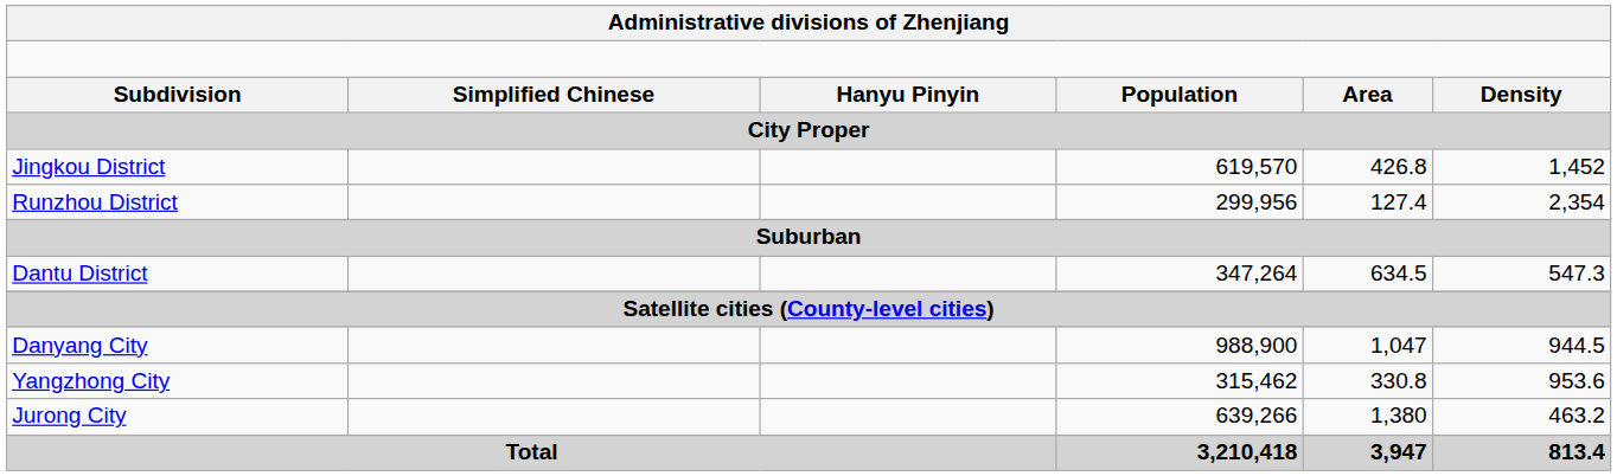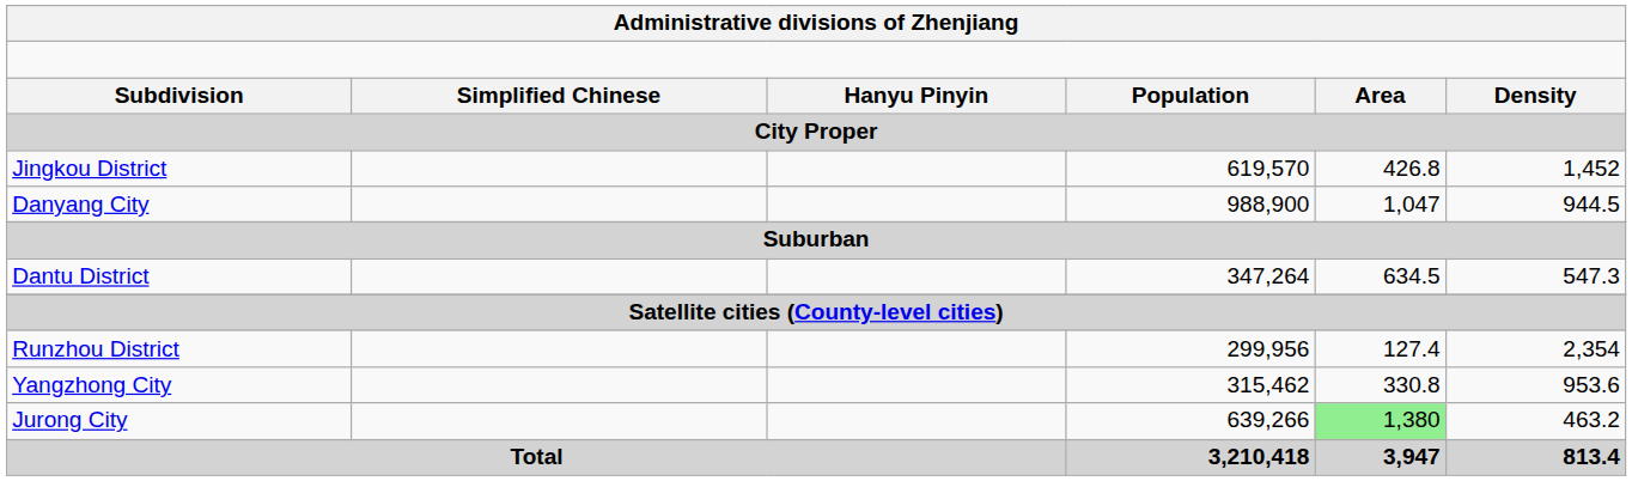 <table class="wikitable sortable collapsible" style="margin:1em auto 1em auto; width:90%; text-align:center;">
 <tr>
 <th colspan="6">Administrative divisions of Zhenjiang</th>
 </tr>
 <tr>
 <td colspan="6"><div><br>        </div></td>
 </tr>
 <tr>
 <th align=left>Subdivision</th>
 <th align=left>Simplified Chinese</th>
 <th align=left>Hanyu Pinyin</th>
 <th align=left>Population </th>
 <th align=left>Area </th>
 <th align=left>Density </th>
 </tr>
 <tr style="background:#d3d3d3;">
 <td colspan="6"><strong>City Proper</strong></td>
 </tr>
 <tr>
 <td align=left><a href='#'>Jingkou District</a></td>
 <td align=left></td>
 <td align=right></td>
 <td align=right>619,570</td>
 <td align=right>426.8</td>
 <td align=right>1,452</td>
 </tr>
 <tr>
-<td align=left><a href='#'>Runzhou District</a></td>
+<td align=left><a href='#'>Danyang City</a></td>
 <td align=left></td>
 <td align=right></td>
-<td align=right>299,956</td>
-<td align=right>127.4</td>
-<td align=right>2,354</td>
+<td align=right>988,900</td>
+<td align=right>1,047</td>
+<td align=right>944.5</td>
 </tr>
 <tr>
 </tr>
 <tr style="background:#d3d3d3;">
 <td colspan="6"  style="text-align:center; "><strong>Suburban</strong></td>
 </tr>
 <tr>
 <td align=left><a href='#'>Dantu District</a></td>
 <td align=left></td>
 <td align=right></td>
 <td align=right>347,264</td>
 <td align=right>634.5</td>
 <td align=right>547.3</td>
 </tr>
 <tr>
 </tr>
 <tr style="background:#d3d3d3;">
 <td colspan="6"  style="text-align:center; "><strong>Satellite cities (<a href='#'>County-level cities</a>)</strong></td>
 </tr>
 <tr>
-<td align=left><a href='#'>Danyang City</a></td>
+<td align=left><a href='#'>Runzhou District</a></td>
 <td align=left></td>
 <td align=right></td>
-<td align=right>988,900</td>
-<td align=right>1,047</td>
-<td align=right>944.5</td>
+<td align=right>299,956</td>
+<td align=right>127.4</td>
+<td align=right>2,354</td>
 </tr>
 <tr>
 <td align=left><a href='#'>Yangzhong City</a></td>
 <td align=left></td>
 <td align=right></td>
 <td align=right>315,462</td>
 <td align=right>330.8</td>
 <td align=right>953.6</td>
 </tr>
 <tr>
 <td align=left><a href='#'>Jurong City</a></td>
 <td align=left></td>
 <td align=right></td>
 <td align=right>639,266</td>
-<td align=right>1,380</td>
+<td align=right style="background: lightgreen;">1,380</td>
 <td align=right>463.2</td>
 </tr>
 <tr style="background:#d3d3d3;">
 <td colspan=3 style="text-align:center; "><strong>Total</strong></td>
 <td align=right><strong>3,210,418</strong></td>
 <td align=right><strong>3,947</strong></td>
 <td align=right><strong>813.4</strong></td>
 </tr>
 </table>
